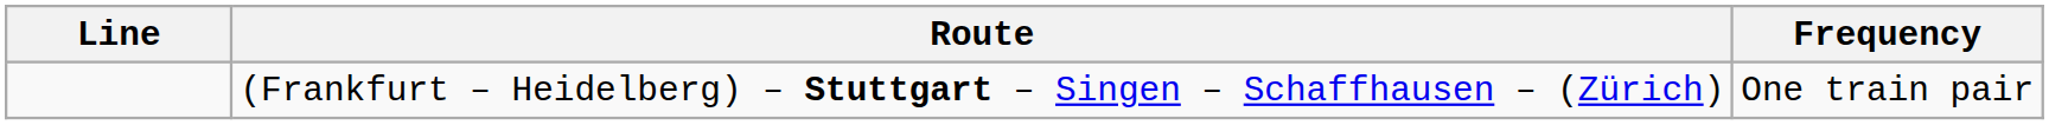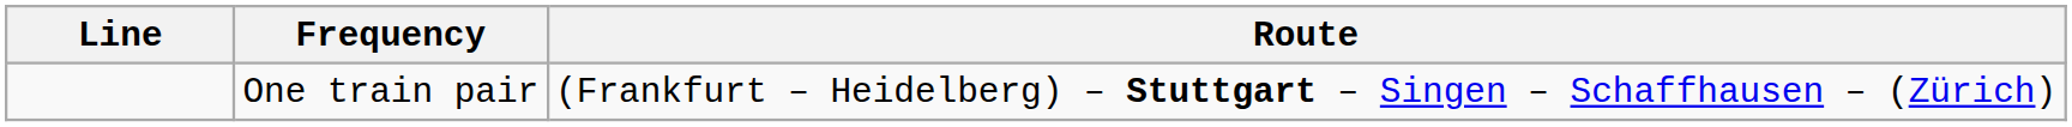 <table class="wikitable">
 <tr>
 <th style="width:6em">Line</th>
+<th>Frequency</th>
 <th>Route</th>
-<th>Frequency</th>
 </tr>
 <tr>
 <td align="center"></td>
+<td>One train pair</td>
 <td>(Frankfurt – Heidelberg) – <strong>Stuttgart</strong> – <a href='#'>Singen</a> – <a href='#'>Schaffhausen</a> – (<a href='#'>Zürich</a>)</td>
-<td>One train pair</td>
 </tr>
 </table>
